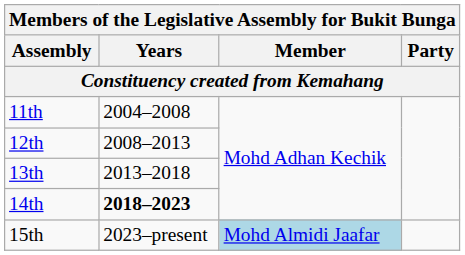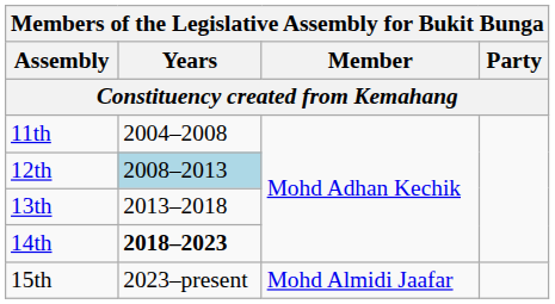 <table class=wikitable>
 <tr>
 <th colspan=4>Members of the Legislative Assembly for Bukit Bunga</th>
 </tr>
 <tr>
 <th>Assembly</th>
 <th>Years</th>
 <th>Member</th>
 <th>Party</th>
 </tr>
 <tr>
 <th colspan=4 align=center><em>Constituency created from Kemahang</em></th>
 </tr>
 <tr>
 <td><a href='#'>11th</a></td>
 <td>2004–2008</td>
 <td rowspan=4><a href='#'>Mohd Adhan Kechik</a></td>
 <td rowspan=4></td>
 </tr>
 <tr>
 <td><a href='#'>12th</a></td>
-<td>2008–2013</td>
+<td style="background: lightblue;">2008–2013</td>
 </tr>
 <tr>
 <td><a href='#'>13th</a></td>
 <td>2013–2018</td>
 </tr>
 <tr>
 <td><a href='#'>14th</a></td>
 <td><strong>2018–2023</strong></td>
 </tr>
 <tr>
 <td>15th</td>
 <td>2023–present</td>
-<td style="background: lightblue;"><a href='#'>Mohd Almidi Jaafar</a></td>
+<td><a href='#'>Mohd Almidi Jaafar</a></td>
 <td></td>
 </tr>
 </table>
